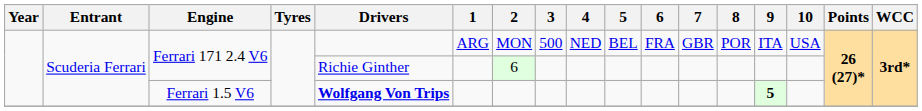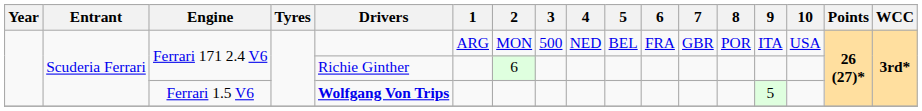 <table class="wikitable" style="text-align:center; font-size:90%">
 <tr>
 <th>Year</th>
 <th>Entrant</th>
 <th>Engine</th>
 <th>Tyres</th>
 <th>Drivers</th>
 <th>1</th>
 <th>2</th>
 <th>3</th>
 <th>4</th>
 <th>5</th>
 <th>6</th>
 <th>7</th>
 <th>8</th>
 <th>9</th>
 <th>10</th>
 <th>Points</th>
 <th>WCC</th>
 </tr>
 <tr>
 <td rowspan="3"></td>
 <td rowspan="3"><a href='#'>Scuderia Ferrari</a></td>
 <td rowspan="2"><a href='#'>Ferrari</a> 171 2.4 <a href='#'>V6</a></td>
 <td rowspan="3"></td>
 <td></td>
 <td><a href='#'>ARG</a></td>
 <td><a href='#'>MON</a></td>
 <td><a href='#'>500</a></td>
 <td><a href='#'>NED</a></td>
 <td><a href='#'>BEL</a></td>
 <td><a href='#'>FRA</a></td>
 <td><a href='#'>GBR</a></td>
 <td><a href='#'>POR</a></td>
 <td><a href='#'>ITA</a></td>
 <td><a href='#'>USA</a></td>
 <td rowspan="3" style="background-color:#FFDF9F"><strong>26<br>(27)*</strong></td>
 <td rowspan="3" style="background-color:#FFDF9F"><strong>3rd*</strong></td>
 </tr>
 <tr>
 <td align="left"><a href='#'>Richie Ginther</a></td>
 <td></td>
 <td style="background-color:#DFFFDF">6</td>
 <td></td>
 <td></td>
 <td></td>
 <td></td>
 <td></td>
 <td></td>
 <td></td>
 <td></td>
 </tr>
 <tr>
 <td><a href='#'>Ferrari</a> 1.5 <a href='#'>V6</a></td>
 <td align="left"><strong><a href='#'>Wolfgang Von Trips</a></strong></td>
 <td></td>
 <td></td>
 <td></td>
 <td></td>
 <td></td>
 <td></td>
 <td></td>
 <td></td>
-<td style="background-color:#DFFFDF"><strong>5</strong></td>
+<td style="background-color:#DFFFDF">5</td>
 <td></td>
 </tr>
 <tr>
 </tr>
 </table>
